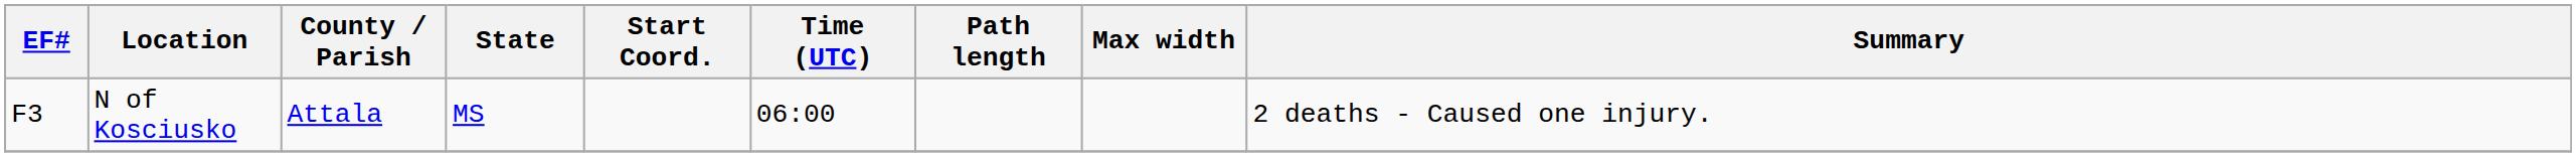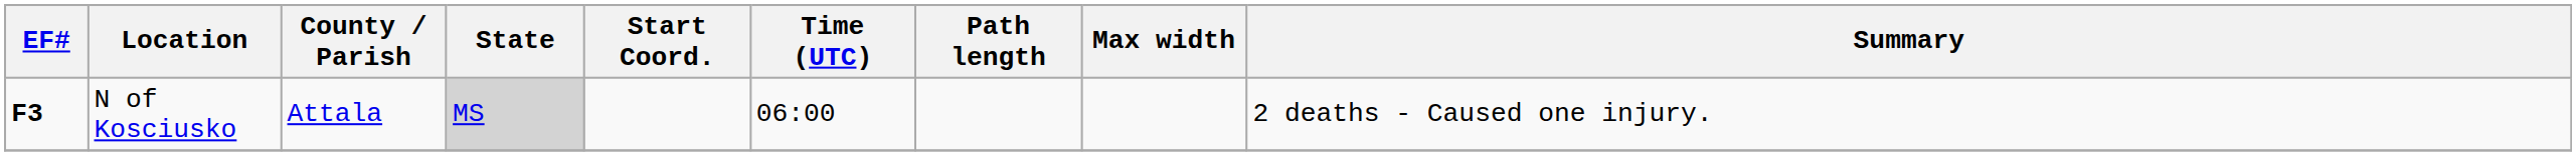 <table class="wikitable sortable" style="width:100%;">
 <tr>
 <th scope="col"  style="width:3%; text-align:center;"><a href='#'>EF#</a></th>
 <th scope="col"  style="width:7%; text-align:center;" class="unsortable">Location</th>
 <th scope="col"  style="width:6%; text-align:center;" class="unsortable">County / Parish</th>
 <th scope="col"  style="width:5%; text-align:center;">State</th>
 <th scope="col"  style="width:6%; text-align:center;">Start Coord.</th>
 <th scope="col"  style="width:6%; text-align:center;">Time (<a href='#'>UTC</a>)</th>
 <th scope="col"  style="width:6%; text-align:center;">Path length</th>
 <th scope="col"  style="width:6%; text-align:center;">Max width</th>
 <th scope="col" class="unsortable" style="width:48%; text-align:center;">Summary</th>
 </tr>
 <tr>
-<td bgcolor=>F3</td>
+<td bgcolor=><strong>F3</strong></td>
 <td>N of <a href='#'>Kosciusko</a></td>
 <td><a href='#'>Attala</a></td>
-<td><a href='#'>MS</a></td>
+<td style="background: lightgrey;"><a href='#'>MS</a></td>
 <td></td>
 <td>06:00</td>
 <td></td>
 <td></td>
 <td>2 deaths - Caused one injury.</td>
 </tr>
 <tr>
 </tr>
 </table>
